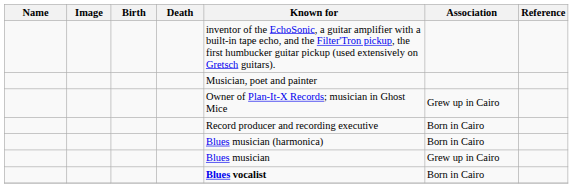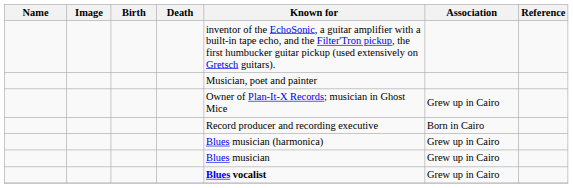 <table class="wikitable sortable">
 <tr>
 <th scope="col" width="140">Name</th>
 <th scope="col" width="80" class="unsortable">Image</th>
 <th scope="col" width="90">Birth</th>
 <th scope="col" width="90">Death</th>
 <th scope="col" width="600" class="unsortable">Known for</th>
 <th scope="col" width="200" class="unsortable">Association</th>
 <th scope="col" width="30" class="unsortable">Reference</th>
 </tr>
 <tr>
 <td></td>
 <td></td>
 <td align=right></td>
 <td align=right></td>
 <td>inventor of the <a href='#'>EchoSonic</a>, a guitar amplifier with a built-in tape echo, and the <a href='#'>Filter'Tron pickup</a>, the first humbucker guitar pickup (used extensively on <a href='#'>Gretsch</a> guitars).</td>
 <td></td>
 </tr>
 <tr>
 <td></td>
 <td></td>
 <td align=right></td>
 <td align=right></td>
 <td>Musician, poet and painter</td>
 <td></td>
 <td align="center"></td>
 </tr>
 <tr>
 <td></td>
 <td></td>
 <td align=right></td>
 <td align=right></td>
 <td>Owner of <a href='#'>Plan-It-X Records</a>; musician in Ghost Mice</td>
 <td>Grew up in Cairo</td>
 <td align="center"></td>
 </tr>
 <tr>
 <td></td>
 <td></td>
 <td align=right></td>
 <td align=right></td>
 <td>Record producer and recording executive</td>
 <td>Born in Cairo</td>
 <td align="center"></td>
 </tr>
 <tr>
 <td></td>
 <td></td>
 <td align=right></td>
 <td align=right></td>
 <td><a href='#'>Blues</a> musician (harmonica)</td>
-<td>Born in Cairo</td>
+<td>Grew up in Cairo</td>
 <td align="center"></td>
 </tr>
 <tr>
 <td></td>
 <td></td>
 <td align=right></td>
 <td align=right></td>
 <td><a href='#'>Blues</a> musician</td>
 <td>Grew up in Cairo</td>
 <td align="center"></td>
 </tr>
 <tr>
 <td></td>
 <td></td>
 <td align=right></td>
 <td align=right></td>
 <td><strong><a href='#'>Blues</a> vocalist</strong></td>
-<td>Born in Cairo</td>
+<td>Grew up in Cairo</td>
 <td align="center"></td>
 </tr>
 <tr>
 </tr>
 </table>
